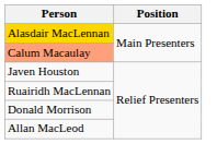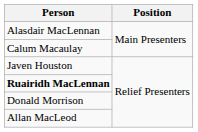 <table class="wikitable">
 <tr>
 <th>Person</th>
 <th>Position</th>
 </tr>
 <tr>
-<td style="background: gold;">Alasdair MacLennan</td>
+<td>Alasdair MacLennan</td>
 <td rowspan="2">Main Presenters</td>
 </tr>
 <tr>
-<td style="background: lightsalmon;">Calum Macaulay</td>
+<td>Calum Macaulay</td>
 </tr>
 <tr>
 <td>Javen Houston</td>
 <td rowspan="4">Relief Presenters</td>
 </tr>
 <tr>
-<td>Ruairidh MacLennan</td>
+<td><strong>Ruairidh MacLennan</strong></td>
 </tr>
 <tr>
 <td>Donald Morrison</td>
 </tr>
 <tr>
 <td>Allan MacLeod</td>
 </tr>
 </table>
